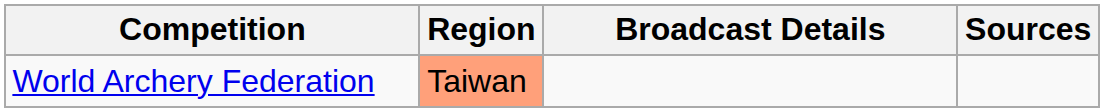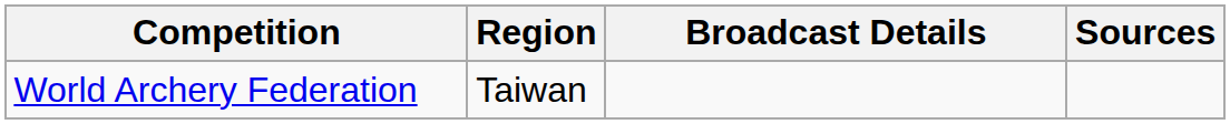 <table class="wikitable">
 <tr>
 <th width="200">Competition</th>
 <th>Region</th>
 <th width="200">Broadcast Details</th>
 <th>Sources</th>
 </tr>
 <tr>
 <td><a href='#'>World Archery Federation</a></td>
-<td style="background: lightsalmon;">Taiwan</td>
+<td>Taiwan</td>
 <td></td>
 </tr>
 </table>
